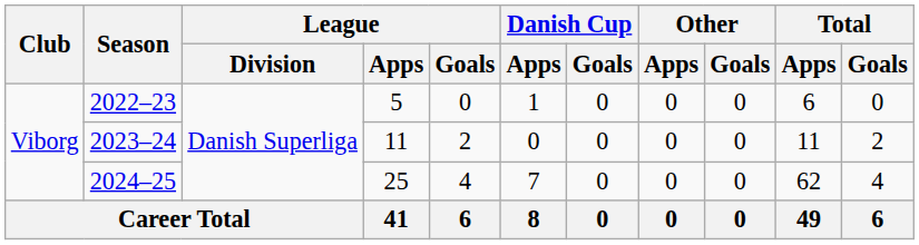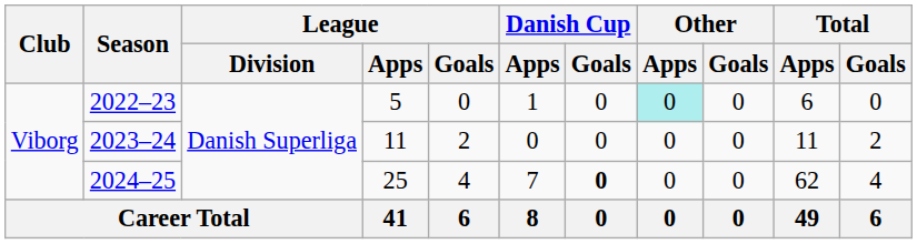 <table class="wikitable" style="text-align:center">
 <tr>
 <th rowspan="2">Club</th>
 <th rowspan="2">Season</th>
 <th colspan="3">League</th>
 <th colspan="2"><a href='#'>Danish Cup</a></th>
 <th colspan="2">Other</th>
 <th colspan="2">Total</th>
 </tr>
 <tr>
 <th>Division</th>
 <th>Apps</th>
 <th>Goals</th>
 <th>Apps</th>
 <th>Goals</th>
 <th>Apps</th>
 <th>Goals</th>
 <th>Apps</th>
 <th>Goals</th>
 </tr>
 <tr>
 <td rowspan=3><a href='#'>Viborg</a></td>
 <td><a href='#'>2022–23</a></td>
 <td rowspan=3><a href='#'>Danish Superliga</a></td>
 <td>5</td>
 <td>0</td>
 <td>1</td>
 <td>0</td>
-<td>0</td>
+<td style="background: paleturquoise;">0</td>
 <td>0</td>
 <td>6</td>
 <td>0</td>
 </tr>
 <tr>
 <td><a href='#'>2023–24</a></td>
 <td>11</td>
 <td>2</td>
 <td>0</td>
 <td>0</td>
 <td>0</td>
 <td>0</td>
 <td>11</td>
 <td>2</td>
 </tr>
 <tr>
 <td><a href='#'>2024–25</a></td>
 <td>25</td>
 <td>4</td>
 <td>7</td>
-<td>0</td>
+<td><strong>0</strong></td>
 <td>0</td>
 <td>0</td>
 <td>62</td>
 <td>4</td>
 </tr>
 <tr>
 <th colspan=3>Career Total</th>
 <th>41</th>
 <th>6</th>
 <th>8</th>
 <th>0</th>
 <th>0</th>
 <th>0</th>
 <th>49</th>
 <th>6</th>
 </tr>
 </table>
